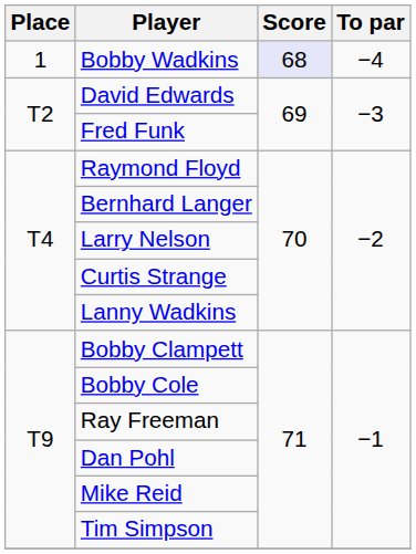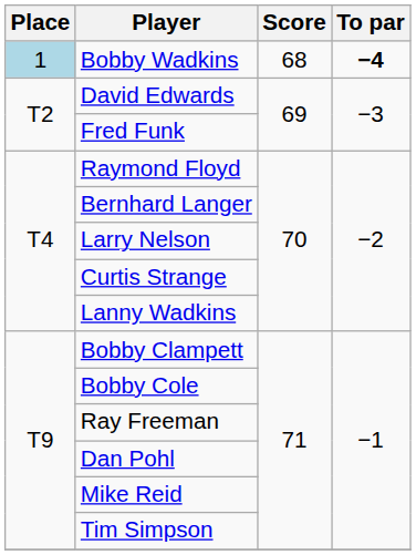 <table class="wikitable">
 <tr>
 <th>Place</th>
 <th>Player</th>
 <th>Score</th>
 <th>To par</th>
 </tr>
 <tr>
-<td align="center">1</td>
+<td align="center" style="background: lightblue;">1</td>
 <td> <a href='#'>Bobby Wadkins</a></td>
-<td align="center" style="background: lavender;">68</td>
-<td align="center">−4</td>
+<td align="center">68</td>
+<td align="center"><strong>−4</strong></td>
 </tr>
 <tr>
 <td rowspan=2 align="center">T2</td>
 <td> <a href='#'>David Edwards</a></td>
 <td rowspan=2 align="center">69</td>
 <td rowspan=2 align="center">−3</td>
 </tr>
 <tr>
 <td> <a href='#'>Fred Funk</a></td>
 </tr>
 <tr>
 <td rowspan=5 align="center">T4</td>
 <td> <a href='#'>Raymond Floyd</a></td>
 <td rowspan=5 align="center">70</td>
 <td rowspan=5 align="center">−2</td>
 </tr>
 <tr>
 <td> <a href='#'>Bernhard Langer</a></td>
 </tr>
 <tr>
 <td> <a href='#'>Larry Nelson</a></td>
 </tr>
 <tr>
 <td> <a href='#'>Curtis Strange</a></td>
 </tr>
 <tr>
 <td> <a href='#'>Lanny Wadkins</a></td>
 </tr>
 <tr>
 <td rowspan=6 align="center">T9</td>
 <td> <a href='#'>Bobby Clampett</a></td>
 <td rowspan=6 align="center">71</td>
 <td rowspan=6 align="center">−1</td>
 </tr>
 <tr>
 <td> <a href='#'>Bobby Cole</a></td>
 </tr>
 <tr>
 <td> Ray Freeman</td>
 </tr>
 <tr>
 <td> <a href='#'>Dan Pohl</a></td>
 </tr>
 <tr>
 <td> <a href='#'>Mike Reid</a></td>
 </tr>
 <tr>
 <td> <a href='#'>Tim Simpson</a></td>
 </tr>
 <tr>
 </tr>
 </table>
